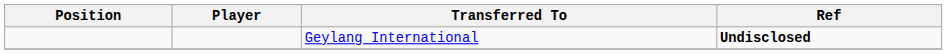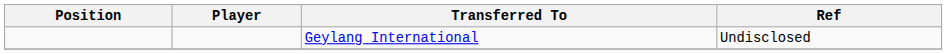 <table class="wikitable sortable" style="width:70%; text-align:center; font-size:100%; text-align:left;">
 <tr>
 <th><strong>Position</strong></th>
 <th><strong>Player</strong></th>
 <th><strong>Transferred To</strong></th>
 <th><strong>Ref</strong></th>
 </tr>
 <tr>
 <td></td>
 <td></td>
 <td> <a href='#'>Geylang International</a></td>
-<td><strong>Undisclosed </strong></td>
+<td>Undisclosed </td>
 </tr>
 <tr>
 </tr>
 </table>
